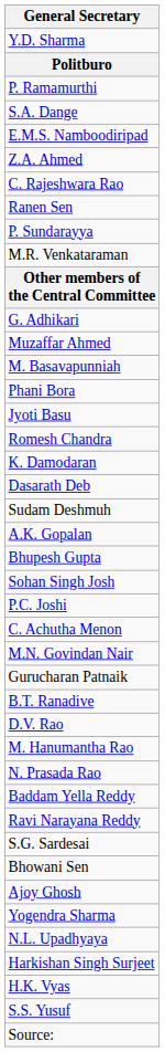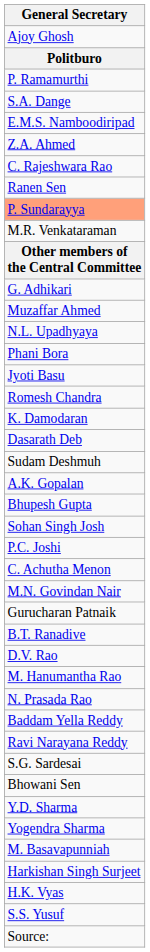 <table class="wikitable mw-collapsible mw-collapsed floatright">
 <tr>
 <th>General Secretary</th>
 </tr>
 <tr>
-<td><a href='#'>Y.D. Sharma</a></td>
+<td><a href='#'>Ajoy Ghosh</a></td>
 </tr>
 <tr>
 <th>Politburo</th>
 </tr>
 <tr>
 <td><a href='#'>P. Ramamurthi</a></td>
 </tr>
 <tr>
 <td><a href='#'>S.A. Dange</a></td>
 </tr>
 <tr>
 <td><a href='#'>E.M.S. Namboodiripad</a></td>
 </tr>
 <tr>
 <td><a href='#'>Z.A. Ahmed</a></td>
 </tr>
 <tr>
 <td><a href='#'>C. Rajeshwara Rao</a></td>
 </tr>
 <tr>
 <td><a href='#'>Ranen Sen</a></td>
 </tr>
 <tr>
-<td><a href='#'>P. Sundarayya</a></td>
+<td style="background: lightsalmon;"><a href='#'>P. Sundarayya</a></td>
 </tr>
 <tr>
 <td>M.R. Venkataraman</td>
 </tr>
 <tr>
 <th>Other members of<br>the Central Committee</th>
 </tr>
 <tr>
 <td><a href='#'>G. Adhikari</a></td>
 </tr>
 <tr>
 <td><a href='#'>Muzaffar Ahmed</a></td>
 </tr>
 <tr>
-<td><a href='#'>M. Basavapunniah</a></td>
+<td><a href='#'>N.L. Upadhyaya</a></td>
 </tr>
 <tr>
 <td><a href='#'>Phani Bora</a></td>
 </tr>
 <tr>
 <td><a href='#'>Jyoti Basu</a></td>
 </tr>
 <tr>
 <td><a href='#'>Romesh Chandra</a></td>
 </tr>
 <tr>
 <td><a href='#'>K. Damodaran</a></td>
 </tr>
 <tr>
 <td><a href='#'>Dasarath Deb</a></td>
 </tr>
 <tr>
 <td>Sudam Deshmuh</td>
 </tr>
 <tr>
 <td><a href='#'>A.K. Gopalan</a></td>
 </tr>
 <tr>
 <td><a href='#'>Bhupesh Gupta</a></td>
 </tr>
 <tr>
 <td><a href='#'>Sohan Singh Josh</a></td>
 </tr>
 <tr>
 <td><a href='#'>P.C. Joshi</a></td>
 </tr>
 <tr>
 <td><a href='#'>C. Achutha Menon</a></td>
 </tr>
 <tr>
 <td><a href='#'>M.N. Govindan Nair</a></td>
 </tr>
 <tr>
 <td>Gurucharan Patnaik</td>
 </tr>
 <tr>
 <td><a href='#'>B.T. Ranadive</a></td>
 </tr>
 <tr>
 <td><a href='#'>D.V. Rao</a></td>
 </tr>
 <tr>
 <td><a href='#'>M. Hanumantha Rao</a></td>
 </tr>
 <tr>
 <td><a href='#'>N. Prasada Rao</a></td>
 </tr>
 <tr>
 <td><a href='#'>Baddam Yella Reddy</a></td>
 </tr>
 <tr>
 <td><a href='#'>Ravi Narayana Reddy</a></td>
 </tr>
 <tr>
 <td>S.G. Sardesai</td>
 </tr>
 <tr>
 <td>Bhowani Sen</td>
 </tr>
 <tr>
-<td><a href='#'>Ajoy Ghosh</a></td>
+<td><a href='#'>Y.D. Sharma</a></td>
 </tr>
 <tr>
 <td><a href='#'>Yogendra Sharma</a></td>
 </tr>
 <tr>
-<td><a href='#'>N.L. Upadhyaya</a></td>
+<td><a href='#'>M. Basavapunniah</a></td>
 </tr>
 <tr>
 <td><a href='#'>Harkishan Singh Surjeet</a></td>
 </tr>
 <tr>
 <td><a href='#'>H.K. Vyas</a></td>
 </tr>
 <tr>
 <td><a href='#'>S.S. Yusuf</a></td>
 </tr>
 <tr>
 <td>Source:</td>
 </tr>
 </table>
